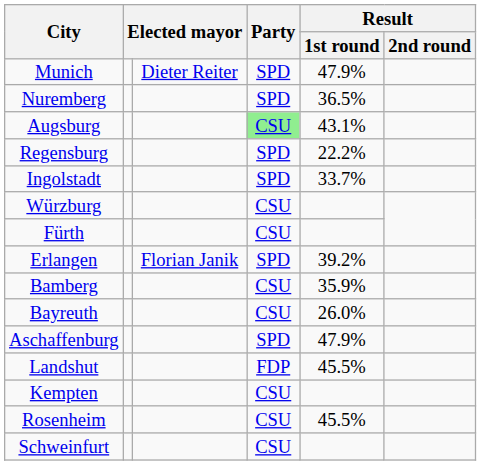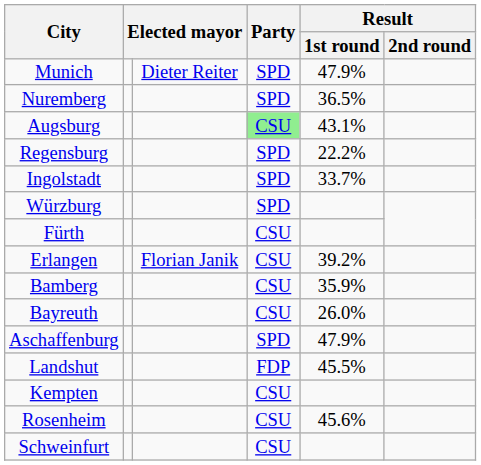 <table class="wikitable" style="text-align:center; font-size:90%; line-height:14px">
 <tr>
 <th rowspan="2">City</th>
 <th colspan="2" rowspan="2">Elected mayor</th>
 <th rowspan="2">Party</th>
 <th colspan="2">Result</th>
 </tr>
 <tr>
 <th>1st round</th>
 <th>2nd round</th>
 </tr>
 <tr>
 <td><a href='#'>Munich</a></td>
 <td></td>
 <td><a href='#'>Dieter Reiter</a></td>
 <td><a href='#'>SPD</a></td>
 <td>47.9%</td>
 <td></td>
 </tr>
 <tr>
 <td><a href='#'>Nuremberg</a></td>
 <td></td>
 <td></td>
 <td><a href='#'>SPD</a></td>
 <td>36.5%</td>
 <td></td>
 </tr>
 <tr>
 <td><a href='#'>Augsburg</a></td>
 <td></td>
 <td></td>
 <td style="background: lightgreen;"><a href='#'>CSU</a></td>
 <td>43.1%</td>
 <td></td>
 </tr>
 <tr>
 <td><a href='#'>Regensburg</a></td>
 <td></td>
 <td></td>
 <td><a href='#'>SPD</a></td>
 <td>22.2%</td>
 <td></td>
 </tr>
 <tr>
 <td><a href='#'>Ingolstadt</a></td>
 <td></td>
 <td></td>
 <td><a href='#'>SPD</a></td>
 <td>33.7%</td>
 <td></td>
 </tr>
 <tr>
 <td><a href='#'>Würzburg</a></td>
 <td></td>
 <td></td>
-<td><a href='#'>CSU</a></td>
+<td><a href='#'>SPD</a></td>
 <td></td>
 </tr>
 <tr>
 <td><a href='#'>Fürth</a></td>
 <td></td>
 <td></td>
 <td><a href='#'>CSU</a></td>
 <td></td>
 </tr>
 <tr>
 <td><a href='#'>Erlangen</a></td>
 <td></td>
 <td><a href='#'>Florian Janik</a></td>
-<td><a href='#'>SPD</a></td>
+<td><a href='#'>CSU</a></td>
 <td>39.2%</td>
 <td></td>
 </tr>
 <tr>
 <td><a href='#'>Bamberg</a></td>
 <td></td>
 <td></td>
 <td><a href='#'>CSU</a></td>
 <td>35.9%</td>
 <td></td>
 </tr>
 <tr>
 <td><a href='#'>Bayreuth</a></td>
 <td></td>
 <td></td>
 <td><a href='#'>CSU</a></td>
 <td>26.0%</td>
 <td></td>
 </tr>
 <tr>
 <td><a href='#'>Aschaffenburg</a></td>
 <td></td>
 <td></td>
 <td><a href='#'>SPD</a></td>
 <td>47.9%</td>
 <td></td>
 </tr>
 <tr>
 <td><a href='#'>Landshut</a></td>
 <td></td>
 <td></td>
 <td><a href='#'>FDP</a></td>
 <td>45.5%</td>
 <td></td>
 </tr>
 <tr>
 <td><a href='#'>Kempten</a></td>
 <td></td>
 <td></td>
 <td><a href='#'>CSU</a></td>
 <td></td>
 </tr>
 <tr>
 <td><a href='#'>Rosenheim</a></td>
 <td></td>
 <td></td>
 <td><a href='#'>CSU</a></td>
-<td>45.5%</td>
+<td>45.6%</td>
 <td></td>
 </tr>
 <tr>
 <td><a href='#'>Schweinfurt</a></td>
 <td></td>
 <td></td>
 <td><a href='#'>CSU</a></td>
 <td></td>
 </tr>
 </table>
